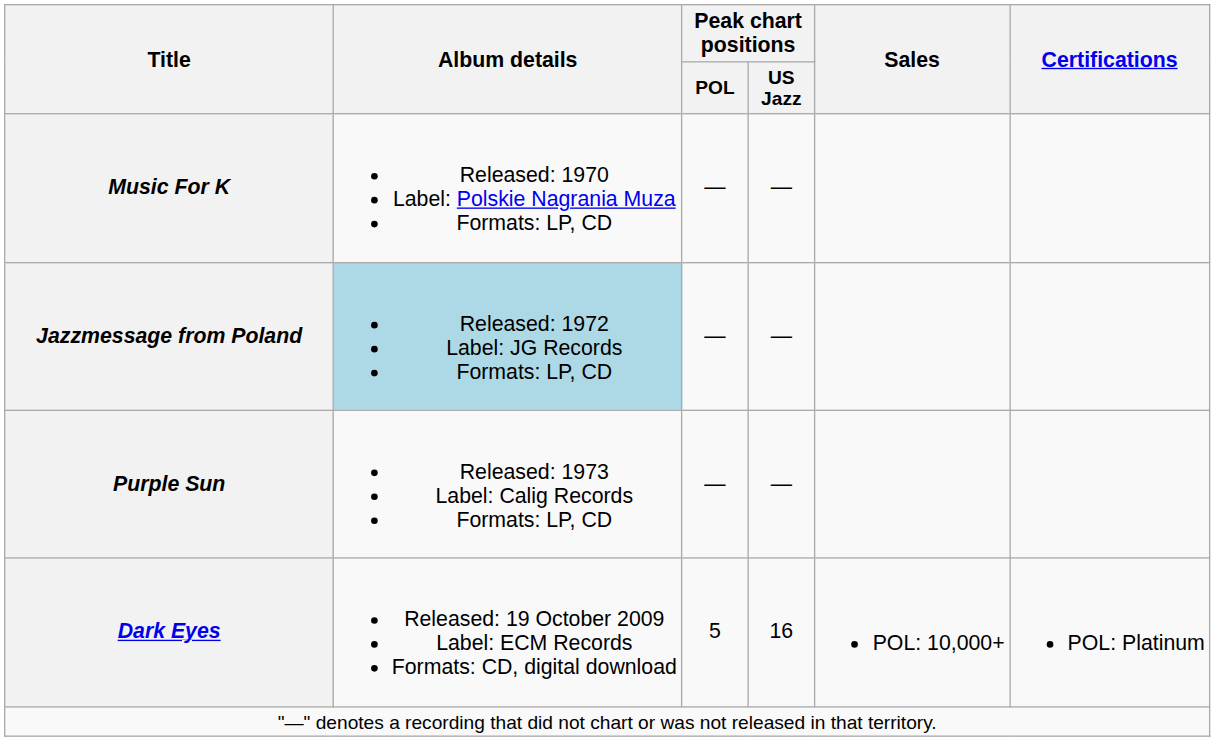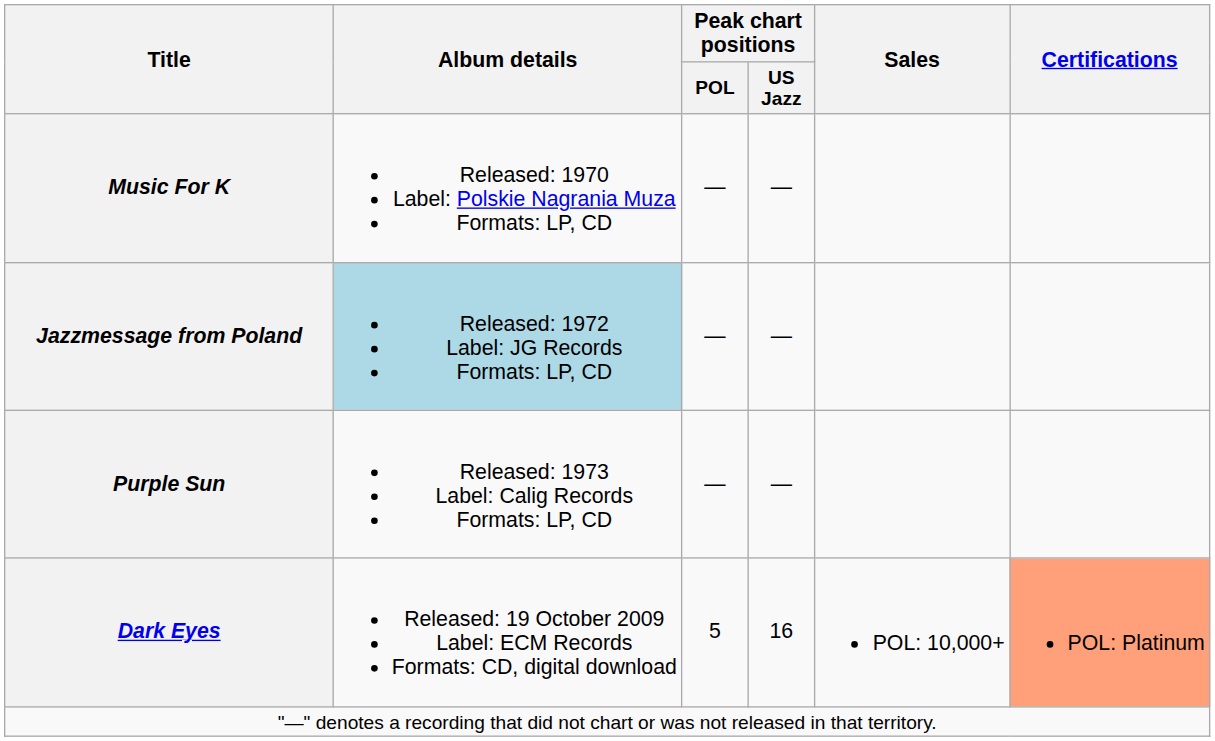 <table class="wikitable plainrowheaders" style="text-align:center;">
 <tr>
 <th scope="col" rowspan="2" style="width:15em;">Title</th>
 <th scope="col" rowspan="2">Album details</th>
 <th scope="col" colspan="2">Peak chart positions</th>
 <th scope="col" rowspan="2">Sales</th>
 <th scope="col" rowspan="2"><a href='#'>Certifications</a></th>
 </tr>
 <tr>
 <th scope="col" style="width:3em;font-size:90%;">POL<br></th>
 <th scope="col" style="width:3em;font-size:90%;">US<br>Jazz<br></th>
 </tr>
 <tr>
 <th scope="row"><em>Music For K</em></th>
 <td><br><ul><li>Released: 1970</li><li>Label: <a href='#'>Polskie Nagrania Muza</a></li><li>Formats: LP, CD</li></ul></td>
 <td>—</td>
 <td>—</td>
 <td></td>
 <td></td>
 </tr>
 <tr>
 <th scope="row"><em>Jazzmessage from Poland</em></th>
 <td style="background: lightblue;"><br><ul><li>Released: 1972</li><li>Label: JG Records</li><li>Formats: LP, CD</li></ul></td>
 <td>—</td>
 <td>—</td>
 <td></td>
 <td></td>
 </tr>
 <tr>
 <th scope="row"><em>Purple Sun</em></th>
 <td><br><ul><li>Released: 1973</li><li>Label: Calig Records</li><li>Formats: LP, CD</li></ul></td>
 <td>—</td>
 <td>—</td>
 <td></td>
 <td></td>
 </tr>
 <tr>
 <th scope="row"><em><a href='#'>Dark Eyes</a></em></th>
 <td><br><ul><li>Released: 19 October 2009</li><li>Label: ECM Records</li><li>Formats: CD, digital download</li></ul></td>
 <td>5</td>
 <td>16</td>
 <td><br><ul><li>POL: 10,000+</li></ul></td>
-<td><br><ul><li>POL: Platinum</li></ul></td>
+<td style="background: lightsalmon;"><br><ul><li>POL: Platinum</li></ul></td>
 </tr>
 <tr>
 <td colspan="20" style="font-size:90%">"—" denotes a recording that did not chart or was not released in that territory.</td>
 </tr>
 </table>
